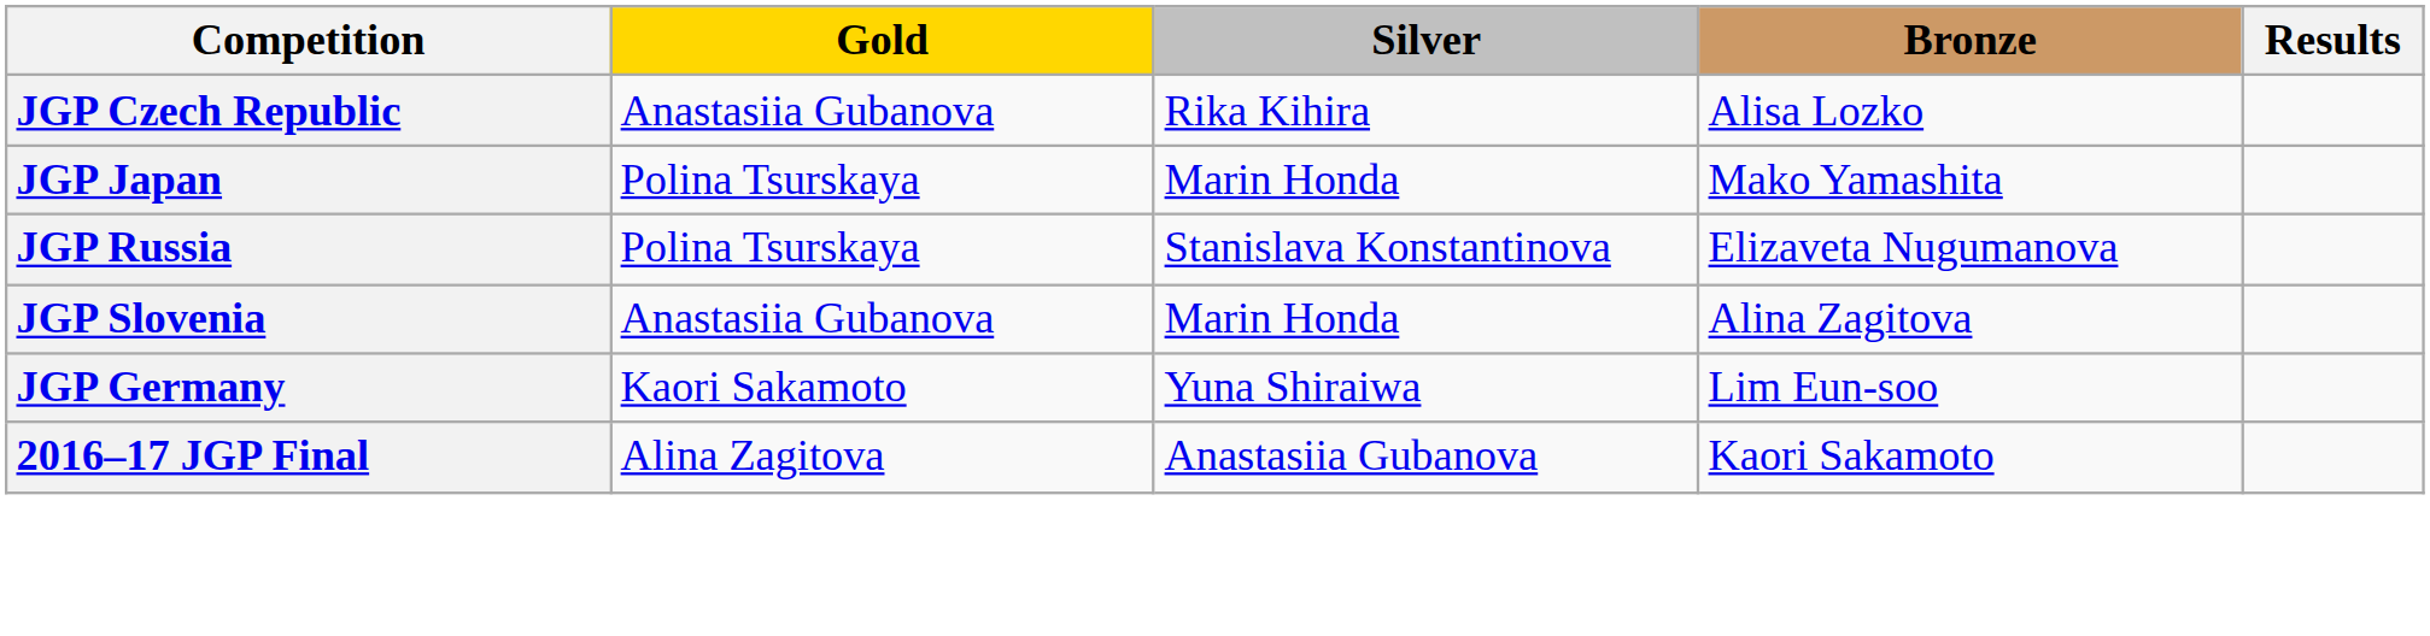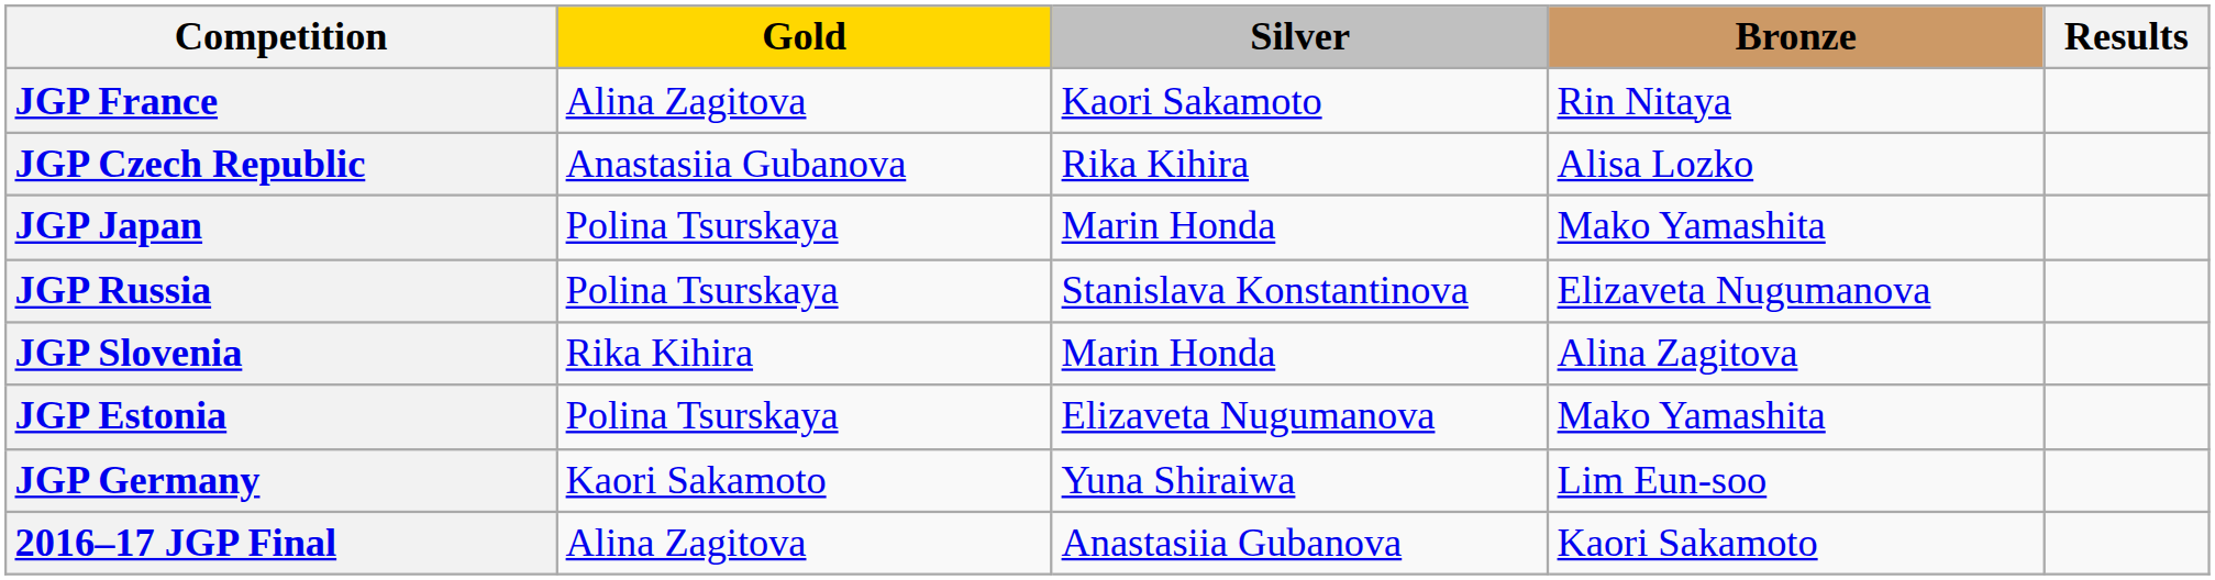 <table class="wikitable unsortable" style="text-align:left; width:100%">
 <tr>
 <th scope="col" style="text-align:center; width:25%;">Competition</th>
 <td scope="col" style="text-align:center; width:22.5%; background:gold"><strong>Gold</strong></td>
 <td scope="col" style="text-align:center; width:22.5%; background:silver"><strong>Silver</strong></td>
 <td scope="col" style="text-align:center; width:22.5%; background:#c96"><strong>Bronze</strong></td>
 <th scope="col" style="text-align:center; width:7.5%;">Results</th>
+</tr>
+<tr>
+<th scope="row" style="text-align:left"> <a href='#'>JGP France</a></th>
+<td> <a href='#'>Alina Zagitova</a></td>
+<td> <a href='#'>Kaori Sakamoto</a></td>
+<td> <a href='#'>Rin Nitaya</a></td>
+<td></td>
 </tr>
 <tr>
 <th scope="row" style="text-align:left"> <a href='#'>JGP Czech Republic</a></th>
 <td> <a href='#'>Anastasiia Gubanova</a></td>
 <td> <a href='#'>Rika Kihira</a></td>
 <td> <a href='#'>Alisa Lozko</a></td>
 <td></td>
 </tr>
 <tr>
 <th scope="row" style="text-align:left"> <a href='#'>JGP Japan</a></th>
 <td> <a href='#'>Polina Tsurskaya</a></td>
 <td> <a href='#'>Marin Honda</a></td>
 <td> <a href='#'>Mako Yamashita</a></td>
 <td></td>
 </tr>
 <tr>
 <th scope="row" style="text-align:left"> <a href='#'>JGP Russia</a></th>
 <td> <a href='#'>Polina Tsurskaya</a></td>
 <td> <a href='#'>Stanislava Konstantinova</a></td>
 <td> <a href='#'>Elizaveta Nugumanova</a></td>
 <td></td>
 </tr>
 <tr>
 <th scope="row" style="text-align:left"> <a href='#'>JGP Slovenia</a></th>
-<td> <a href='#'>Anastasiia Gubanova</a></td>
+<td> <a href='#'>Rika Kihira</a></td>
 <td> <a href='#'>Marin Honda</a></td>
 <td> <a href='#'>Alina Zagitova</a></td>
+<td></td>
+</tr>
+<tr>
+<th scope="row" style="text-align:left"> <a href='#'>JGP Estonia</a></th>
+<td> <a href='#'>Polina Tsurskaya</a></td>
+<td> <a href='#'>Elizaveta Nugumanova</a></td>
+<td> <a href='#'>Mako Yamashita</a></td>
 <td></td>
 </tr>
 <tr>
 <th scope="row" style="text-align:left"> <a href='#'>JGP Germany</a></th>
 <td> <a href='#'>Kaori Sakamoto</a></td>
 <td> <a href='#'>Yuna Shiraiwa</a></td>
 <td> <a href='#'>Lim Eun-soo</a></td>
 <td></td>
 </tr>
 <tr>
 <th scope="row" style="text-align:left"> <a href='#'>2016–17 JGP Final</a></th>
 <td> <a href='#'>Alina Zagitova</a></td>
 <td> <a href='#'>Anastasiia Gubanova</a></td>
 <td> <a href='#'>Kaori Sakamoto</a></td>
 <td></td>
 </tr>
 </table>
